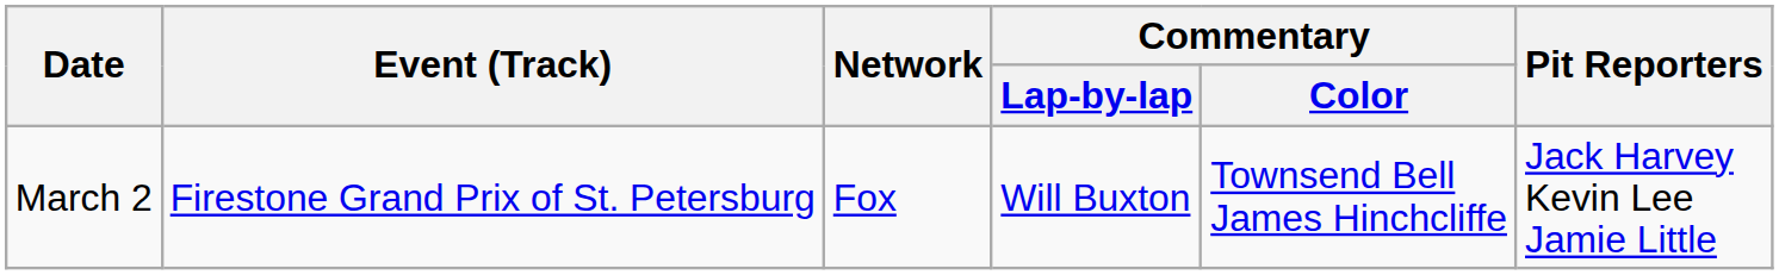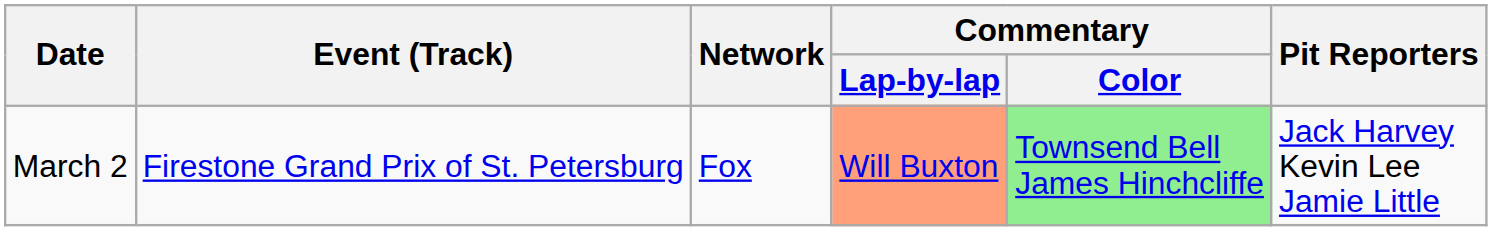 <table class="wikitable" style="font-size: 85%;">
 <tr>
 <th rowspan=2>Date</th>
 <th rowspan=2>Event (Track)</th>
 <th rowspan=2>Network</th>
 <th colspan=2>Commentary</th>
 <th rowspan=2>Pit Reporters</th>
 </tr>
 <tr>
 <th><a href='#'>Lap-by-lap</a></th>
 <th><a href='#'>Color</a></th>
 </tr>
 <tr>
 <td>March 2</td>
 <td><a href='#'>Firestone Grand Prix of St. Petersburg</a></td>
 <td><a href='#'>Fox</a></td>
-<td><a href='#'>Will Buxton</a></td>
-<td><a href='#'>Townsend Bell</a><br><a href='#'>James Hinchcliffe</a></td>
+<td style="background: lightsalmon;"><a href='#'>Will Buxton</a></td>
+<td style="background: lightgreen;"><a href='#'>Townsend Bell</a><br><a href='#'>James Hinchcliffe</a></td>
 <td><a href='#'>Jack Harvey</a><br>Kevin Lee<br><a href='#'>Jamie Little</a></td>
 </tr>
 </table>
